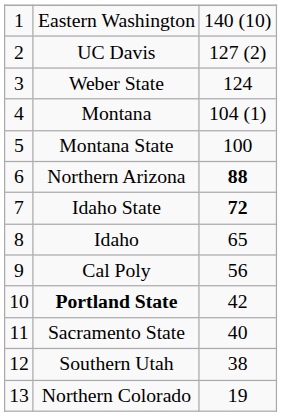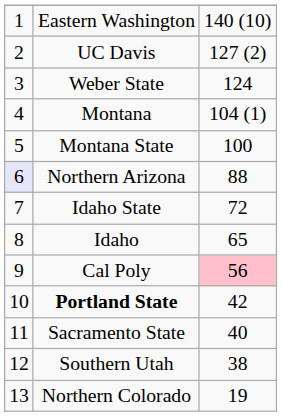 <table class="wikitable" style="display: inline-table;">
 <tr align="center">
 </tr>
 <tr align="center">
 <td>1</td>
 <td>Eastern Washington</td>
 <td>140 (10)</td>
 </tr>
 <tr align="center">
 <td>2</td>
 <td>UC Davis</td>
 <td>127 (2)</td>
 </tr>
 <tr align="center">
 <td>3</td>
 <td>Weber State</td>
 <td>124</td>
 </tr>
 <tr align="center">
 <td>4</td>
 <td>Montana</td>
 <td>104 (1)</td>
 </tr>
 <tr align="center">
 <td>5</td>
 <td>Montana State</td>
 <td>100</td>
 </tr>
 <tr align="center">
-<td>6</td>
+<td style="background: lavender;">6</td>
 <td>Northern Arizona</td>
-<td><strong>88</strong></td>
+<td>88</td>
 </tr>
 <tr align="center">
 <td>7</td>
 <td>Idaho State</td>
-<td><strong>72</strong></td>
+<td>72</td>
 </tr>
 <tr align="center">
 <td>8</td>
 <td>Idaho</td>
 <td>65</td>
 </tr>
 <tr align="center">
 <td>9</td>
 <td>Cal Poly</td>
-<td>56</td>
+<td style="background: pink;">56</td>
 </tr>
 <tr align="center">
 <td>10</td>
 <td><strong>Portland State</strong></td>
 <td>42</td>
 </tr>
 <tr align="center">
 <td>11</td>
 <td>Sacramento State</td>
 <td>40</td>
 </tr>
 <tr align="center">
 <td>12</td>
 <td>Southern Utah</td>
 <td>38</td>
 </tr>
 <tr align="center">
 <td>13</td>
 <td>Northern Colorado</td>
 <td>19</td>
 </tr>
 </table>
